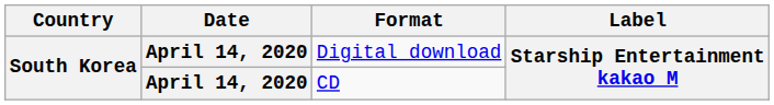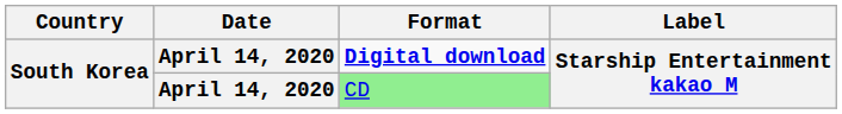 <table class="wikitable plainrowheaders">
 <tr>
 <th scope="col">Country</th>
 <th>Date</th>
 <th>Format</th>
 <th>Label</th>
 </tr>
 <tr>
 <th scope="row" rowspan="2">South Korea</th>
 <th scope="row" rowspan="1">April 14, 2020</th>
-<td><a href='#'>Digital download</a></td>
+<td><strong><a href='#'>Digital download</a></strong></td>
 <th scope="row" rowspan="2">Starship Entertainment<br><a href='#'>kakao M</a></th>
 </tr>
 <tr>
 <th scope="row" rowspan="1">April 14, 2020</th>
-<td><a href='#'>CD</a></td>
+<td style="background: lightgreen;"><a href='#'>CD</a></td>
 </tr>
 </table>
